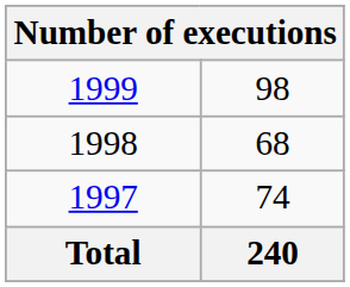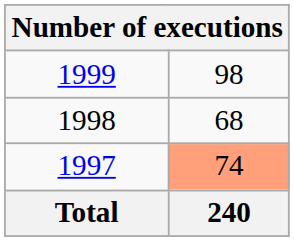 <table class="wikitable" style="text-align:center;">
 <tr>
 <th ! colspan="2">Number of executions</th>
 </tr>
 <tr>
 <td><a href='#'>1999</a></td>
 <td>98</td>
 </tr>
 <tr>
 <td>1998</td>
 <td>68</td>
 </tr>
 <tr>
 <td><a href='#'>1997</a></td>
-<td>74</td>
+<td style="background: lightsalmon;">74</td>
 </tr>
 <tr>
 <th>Total</th>
 <th>240</th>
 </tr>
 </table>
